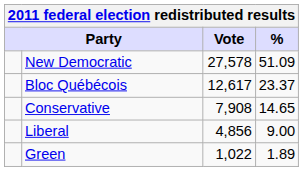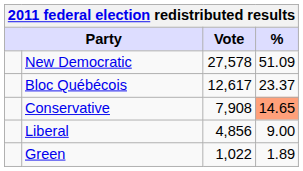 <table class="wikitable">
 <tr>
 <th colspan="4"><a href='#'>2011 federal election</a> redistributed results</th>
 </tr>
 <tr>
 <th style="background:#ddf; width:130px;" colspan="2">Party</th>
 <th style="background:#ddf; width:50px;">Vote</th>
 <th style="background:#ddf; width:30px;">%</th>
 </tr>
 <tr>
 <td> </td>
 <td><a href='#'>New Democratic</a></td>
 <td align=right>27,578</td>
 <td align=right>51.09</td>
 </tr>
 <tr>
 <td> </td>
 <td><a href='#'>Bloc Québécois</a></td>
 <td align=right>12,617</td>
 <td align=right>23.37</td>
 </tr>
 <tr>
 <td> </td>
 <td><a href='#'>Conservative</a></td>
 <td align=right>7,908</td>
-<td align=right>14.65</td>
+<td align=right style="background: lightsalmon;">14.65</td>
 </tr>
 <tr>
 <td> </td>
 <td><a href='#'>Liberal</a></td>
 <td align=right>4,856</td>
 <td align=right>9.00</td>
 </tr>
 <tr>
 <td> </td>
 <td><a href='#'>Green</a></td>
 <td align=right>1,022</td>
 <td align=right>1.89</td>
 </tr>
 </table>
